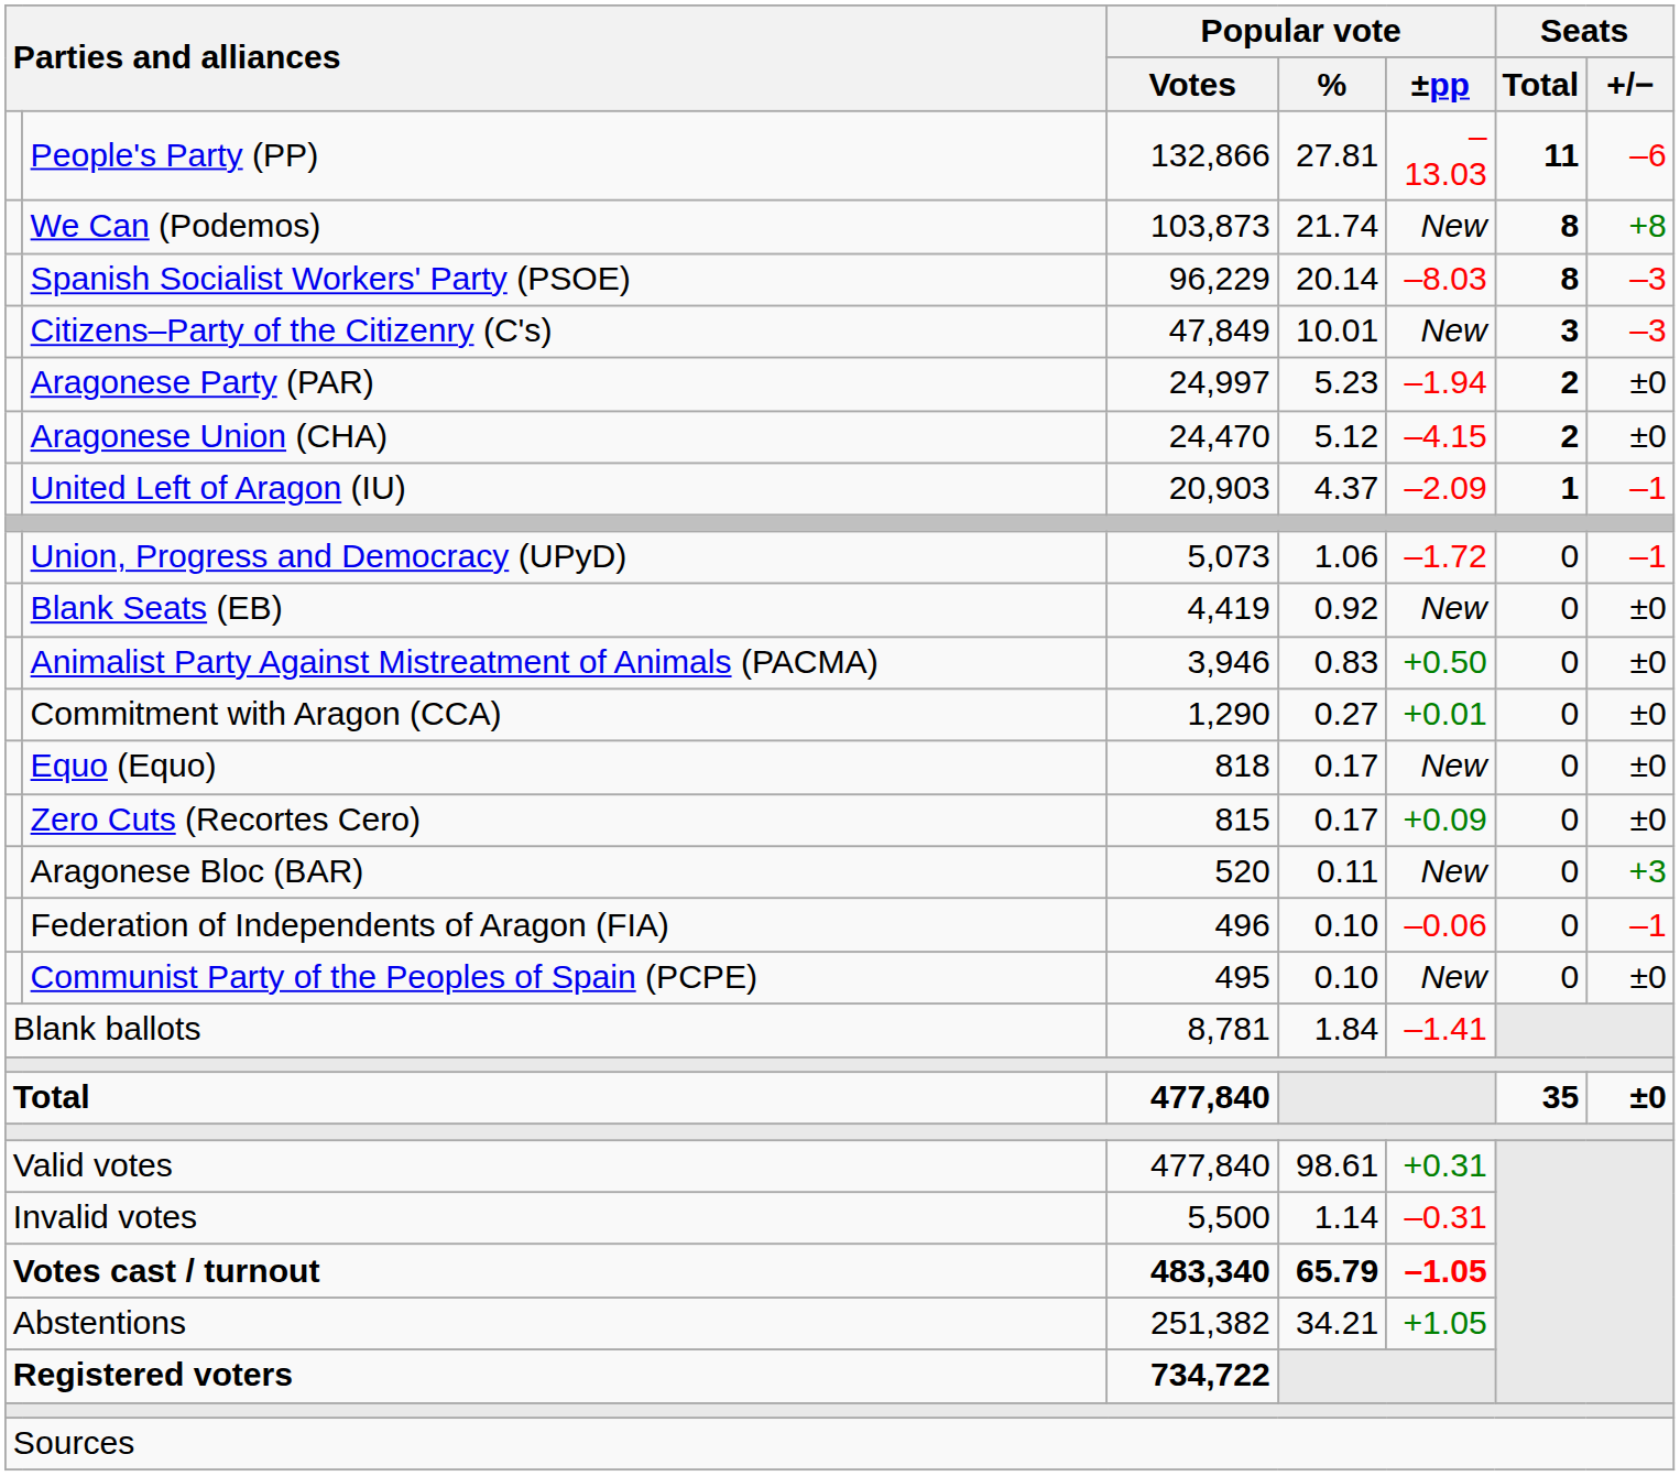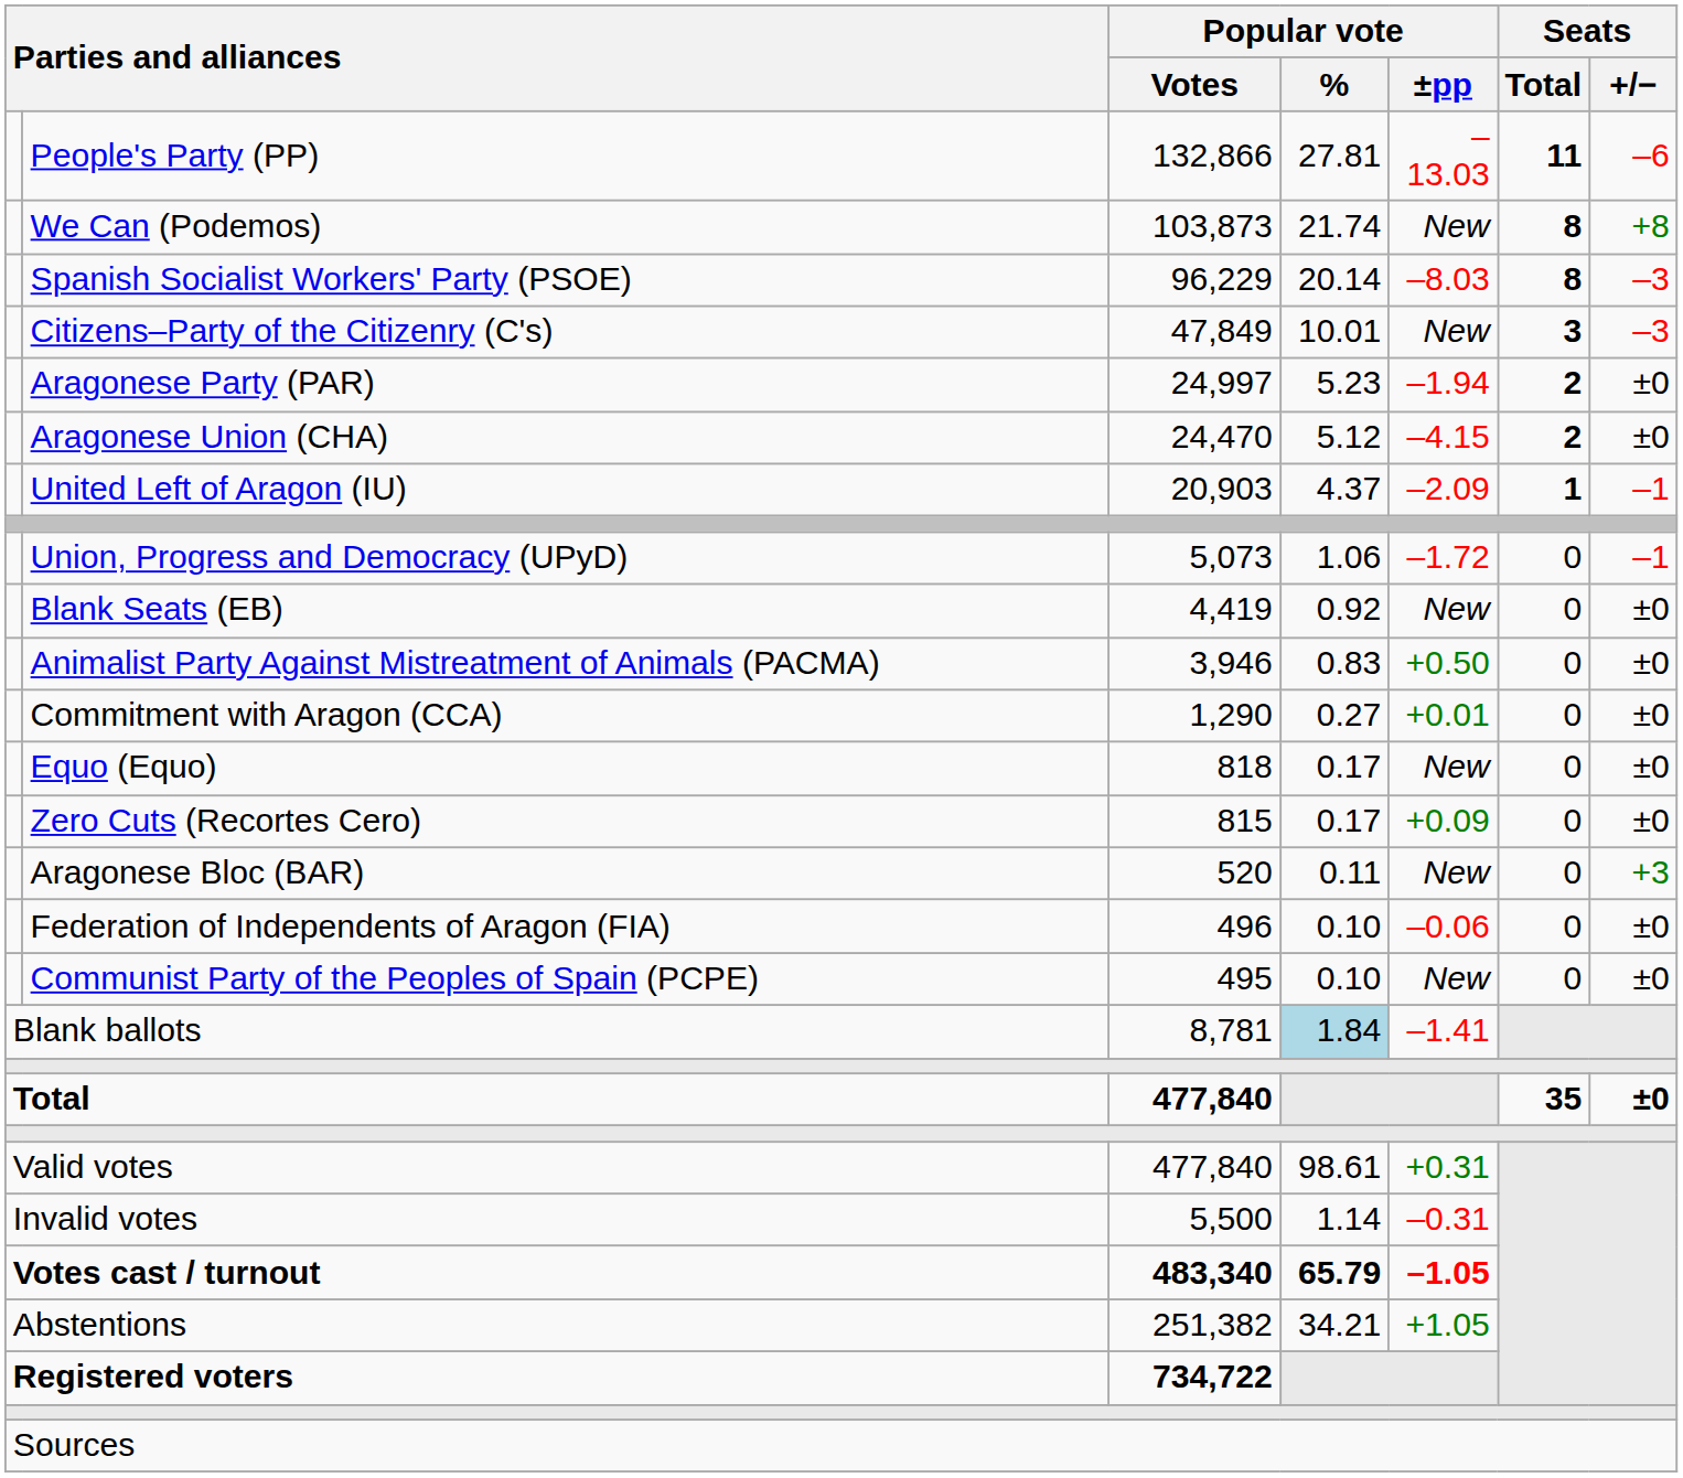 <table class="wikitable" style="text-align:right;">
 <tr>
 <th style="text-align:left;" rowspan="2" colspan="2" width="525">Parties and alliances</th>
 <th colspan="3">Popular vote</th>
 <th colspan="2">Seats</th>
 </tr>
 <tr>
 <th width="75">Votes</th>
 <th width="45">%</th>
 <th width="45">±<a href='#'>pp</a></th>
 <th width="35">Total</th>
 <th width="35">+/−</th>
 </tr>
 <tr>
 <td width="1" style="color:inherit;background:"></td>
 <td align="left"><a href='#'>People's Party</a> (PP)</td>
 <td>132,866</td>
 <td>27.81</td>
 <td style="color:red;">–13.03</td>
 <td><strong>11</strong></td>
 <td style="color:red;">–6</td>
 </tr>
 <tr>
 <td style="color:inherit;background:"></td>
 <td align="left"><a href='#'>We Can</a> (Podemos)</td>
 <td>103,873</td>
 <td>21.74</td>
 <td><em>New</em></td>
 <td><strong>8</strong></td>
 <td style="color:green;">+8</td>
 </tr>
 <tr>
 <td style="color:inherit;background:"></td>
 <td align="left"><a href='#'>Spanish Socialist Workers' Party</a> (PSOE)</td>
 <td>96,229</td>
 <td>20.14</td>
 <td style="color:red;">–8.03</td>
 <td><strong>8</strong></td>
 <td style="color:red;">–3</td>
 </tr>
 <tr>
 <td style="color:inherit;background:"></td>
 <td align="left"><a href='#'>Citizens–Party of the Citizenry</a> (C's)</td>
 <td>47,849</td>
 <td>10.01</td>
 <td><em>New</em></td>
 <td><strong>3</strong></td>
 <td style="color:red;">–3</td>
 </tr>
 <tr>
 <td style="color:inherit;background:"></td>
 <td align="left"><a href='#'>Aragonese Party</a> (PAR)</td>
 <td>24,997</td>
 <td>5.23</td>
 <td style="color:red;">–1.94</td>
 <td><strong>2</strong></td>
 <td>±0</td>
 </tr>
 <tr>
 <td style="color:inherit;background:"></td>
 <td align="left"><a href='#'>Aragonese Union</a> (CHA)</td>
 <td>24,470</td>
 <td>5.12</td>
 <td style="color:red;">–4.15</td>
 <td><strong>2</strong></td>
 <td>±0</td>
 </tr>
 <tr>
 <td style="color:inherit;background:"></td>
 <td align="left"><a href='#'>United Left of Aragon</a> (IU)</td>
 <td>20,903</td>
 <td>4.37</td>
 <td style="color:red;">–2.09</td>
 <td><strong>1</strong></td>
 <td style="color:red;">–1</td>
 </tr>
 <tr>
 <td colspan="7" bgcolor="#C0C0C0"></td>
 </tr>
 <tr>
 <td style="color:inherit;background:"></td>
 <td align="left"><a href='#'>Union, Progress and Democracy</a> (UPyD)</td>
 <td>5,073</td>
 <td>1.06</td>
 <td style="color:red;">–1.72</td>
 <td>0</td>
 <td style="color:red;">–1</td>
 </tr>
 <tr>
 <td style="color:inherit;background:"></td>
 <td align="left"><a href='#'>Blank Seats</a> (EB)</td>
 <td>4,419</td>
 <td>0.92</td>
 <td><em>New</em></td>
 <td>0</td>
 <td>±0</td>
 </tr>
 <tr>
 <td style="color:inherit;background:"></td>
 <td align="left"><a href='#'>Animalist Party Against Mistreatment of Animals</a> (PACMA)</td>
 <td>3,946</td>
 <td>0.83</td>
 <td style="color:green;">+0.50</td>
 <td>0</td>
 <td>±0</td>
 </tr>
 <tr>
 <td style="color:inherit;background:"></td>
 <td align="left">Commitment with Aragon (CCA)</td>
 <td>1,290</td>
 <td>0.27</td>
 <td style="color:green;">+0.01</td>
 <td>0</td>
 <td>±0</td>
 </tr>
 <tr>
 <td style="color:inherit;background:"></td>
 <td align="left"><a href='#'>Equo</a> (Equo)</td>
 <td>818</td>
 <td>0.17</td>
 <td><em>New</em></td>
 <td>0</td>
 <td>±0</td>
 </tr>
 <tr>
 <td style="color:inherit;background:"></td>
 <td align="left"><a href='#'>Zero Cuts</a> (Recortes Cero)</td>
 <td>815</td>
 <td>0.17</td>
 <td style="color:green;">+0.09</td>
 <td>0</td>
 <td>±0</td>
 </tr>
 <tr>
 <td style="color:inherit;background:"></td>
 <td align="left">Aragonese Bloc (BAR)</td>
 <td>520</td>
 <td>0.11</td>
 <td><em>New</em></td>
 <td>0</td>
 <td style="color:green;">+3</td>
 </tr>
 <tr>
 <td style="color:inherit;background:"></td>
 <td align="left">Federation of Independents of Aragon (FIA)</td>
 <td>496</td>
 <td>0.10</td>
 <td style="color:red;">–0.06</td>
 <td>0</td>
-<td style="color:red;">–1</td>
+<td>±0</td>
 </tr>
 <tr>
 <td style="color:inherit;background:"></td>
 <td align="left"><a href='#'>Communist Party of the Peoples of Spain</a> (PCPE)</td>
 <td>495</td>
 <td>0.10</td>
 <td><em>New</em></td>
 <td>0</td>
 <td>±0</td>
 </tr>
 <tr>
 <td align="left" colspan="2">Blank ballots</td>
 <td>8,781</td>
-<td>1.84</td>
+<td style="background: lightblue;">1.84</td>
 <td style="color:red;">–1.41</td>
 <td bgcolor="#E9E9E9" colspan="2"></td>
 </tr>
 <tr>
 <td colspan="7" bgcolor="#E9E9E9"></td>
 </tr>
 <tr style="font-weight:bold;">
 <td align="left" colspan="2">Total</td>
 <td>477,840</td>
 <td bgcolor="#E9E9E9" colspan="2"></td>
 <td>35</td>
 <td>±0</td>
 </tr>
 <tr>
 <td colspan="7" bgcolor="#E9E9E9"></td>
 </tr>
 <tr>
 <td align="left" colspan="2">Valid votes</td>
 <td>477,840</td>
 <td>98.61</td>
 <td style="color:green;">+0.31</td>
 <td bgcolor="#E9E9E9" colspan="2" rowspan="5"></td>
 </tr>
 <tr>
 <td align="left" colspan="2">Invalid votes</td>
 <td>5,500</td>
 <td>1.14</td>
 <td style="color:red;">–0.31</td>
 </tr>
 <tr style="font-weight:bold;">
 <td align="left" colspan="2">Votes cast / turnout</td>
 <td>483,340</td>
 <td>65.79</td>
 <td style="color:red;">–1.05</td>
 </tr>
 <tr>
 <td align="left" colspan="2">Abstentions</td>
 <td>251,382</td>
 <td>34.21</td>
 <td style="color:green;">+1.05</td>
 </tr>
 <tr style="font-weight:bold;">
 <td align="left" colspan="2">Registered voters</td>
 <td>734,722</td>
 <td bgcolor="#E9E9E9" colspan="2"></td>
 </tr>
 <tr>
 <td colspan="7" bgcolor="#E9E9E9"></td>
 </tr>
 <tr>
 <td align="left" colspan="7">Sources</td>
 </tr>
 </table>
